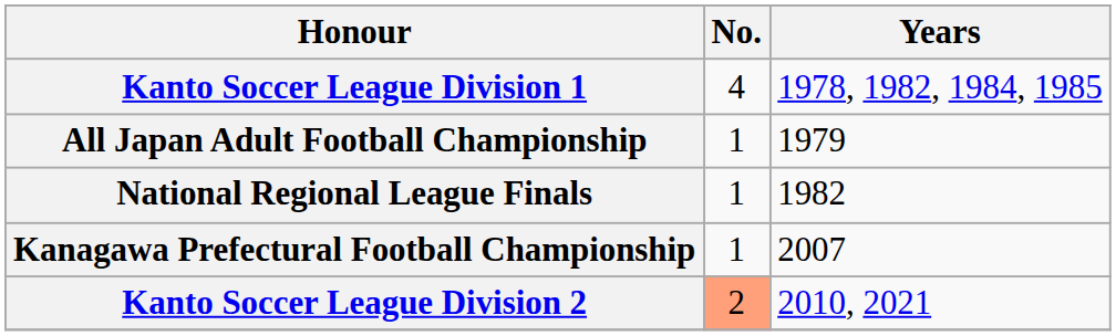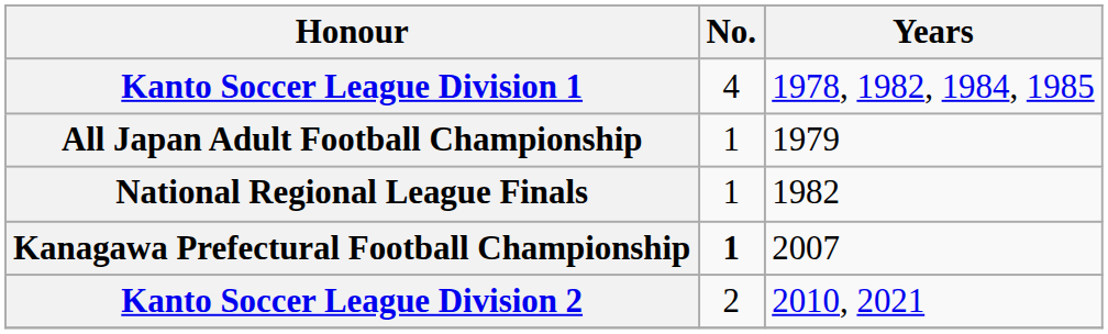 <table class="wikitable plainrowheaders">
 <tr>
 <th scope=col>Honour</th>
 <th scope=col>No.</th>
 <th scope=col>Years</th>
 </tr>
 <tr>
 <th scope=row><a href='#'>Kanto Soccer League Division 1</a></th>
 <td align="center">4</td>
 <td><a href='#'>1978</a>, <a href='#'>1982</a>, <a href='#'>1984</a>, <a href='#'>1985</a></td>
 </tr>
 <tr>
 <th scope=row>All Japan Adult Football Championship</th>
 <td align="center">1</td>
 <td>1979</td>
 </tr>
 <tr>
 <th scope=row>National Regional League Finals</th>
 <td align="center">1</td>
 <td>1982</td>
 </tr>
 <tr>
 <th scope=row>Kanagawa Prefectural Football Championship</th>
-<td align="center">1</td>
+<td align="center"><strong>1</strong></td>
 <td>2007</td>
 </tr>
 <tr>
 <th scope=row><a href='#'>Kanto Soccer League Division 2</a></th>
-<td align="center" style="background: lightsalmon;">2</td>
+<td align="center">2</td>
 <td><a href='#'>2010</a>, <a href='#'>2021</a></td>
 </tr>
 <tr>
 </tr>
 </table>
